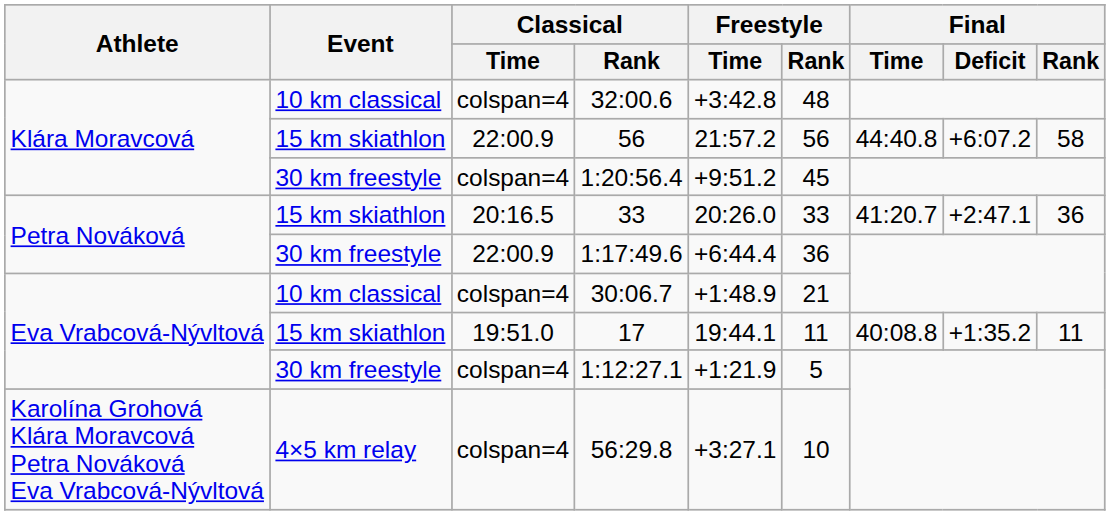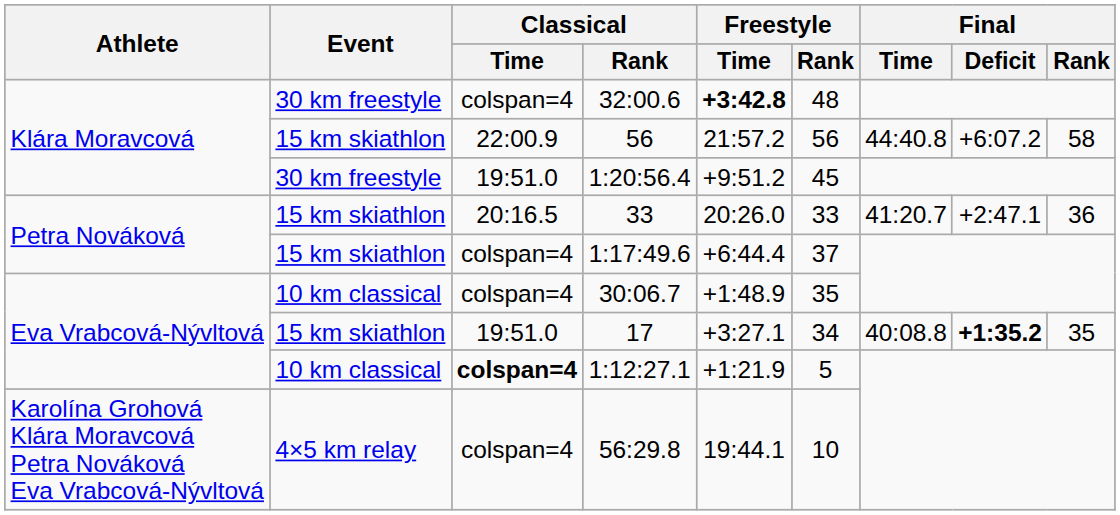 <table class="wikitable" style="font-size:90%">
 <tr>
 <th rowspan=2>Athlete</th>
 <th rowspan=2>Event</th>
 <th colspan=2>Classical</th>
 <th colspan=2>Freestyle</th>
 <th colspan=3>Final</th>
 </tr>
 <tr style="font-size: 95%">
 <th>Time</th>
 <th>Rank</th>
 <th>Time</th>
 <th>Rank</th>
 <th>Time</th>
 <th>Deficit</th>
 <th>Rank</th>
 </tr>
 <tr align=center>
 <td align=left rowspan=3><a href='#'>Klára Moravcová</a></td>
-<td align=left><a href='#'>10 km classical</a></td>
+<td align=left><a href='#'>30 km freestyle</a></td>
 <td>colspan=4 </td>
 <td>32:00.6</td>
-<td>+3:42.8</td>
+<td><strong>+3:42.8</strong></td>
 <td>48</td>
 </tr>
 <tr align=center>
 <td align=left><a href='#'>15 km skiathlon</a></td>
 <td>22:00.9</td>
 <td>56</td>
 <td>21:57.2</td>
 <td>56</td>
 <td>44:40.8</td>
 <td>+6:07.2</td>
 <td>58</td>
 </tr>
 <tr align=center>
 <td align=left><a href='#'>30 km freestyle</a></td>
-<td>colspan=4 </td>
+<td>19:51.0</td>
 <td>1:20:56.4</td>
 <td>+9:51.2</td>
 <td>45</td>
 </tr>
 <tr align=center>
 <td align=left rowspan=2><a href='#'>Petra Nováková</a></td>
 <td align=left><a href='#'>15 km skiathlon</a></td>
 <td>20:16.5</td>
 <td>33</td>
 <td>20:26.0</td>
 <td>33</td>
 <td>41:20.7</td>
 <td>+2:47.1</td>
 <td>36</td>
 </tr>
 <tr align=center>
-<td align=left><a href='#'>30 km freestyle</a></td>
-<td>22:00.9</td>
+<td align=left><a href='#'>15 km skiathlon</a></td>
+<td>colspan=4 </td>
 <td>1:17:49.6</td>
 <td>+6:44.4</td>
-<td>36</td>
+<td>37</td>
 </tr>
 <tr align=center>
 <td align=left rowspan=3><a href='#'>Eva Vrabcová-Nývltová</a></td>
 <td align=left><a href='#'>10 km classical</a></td>
 <td>colspan=4 </td>
 <td>30:06.7</td>
 <td>+1:48.9</td>
-<td>21</td>
+<td>35</td>
 </tr>
 <tr align=center>
 <td align=left><a href='#'>15 km skiathlon</a></td>
 <td>19:51.0</td>
 <td>17</td>
-<td>19:44.1</td>
-<td>11</td>
+<td>+3:27.1</td>
+<td>34</td>
 <td>40:08.8</td>
-<td>+1:35.2</td>
-<td>11</td>
+<td><strong>+1:35.2</strong></td>
+<td>35</td>
 </tr>
 <tr align=center>
-<td align=left><a href='#'>30 km freestyle</a></td>
-<td>colspan=4 </td>
+<td align=left><a href='#'>10 km classical</a></td>
+<td><strong>colspan=4 </strong></td>
 <td>1:12:27.1</td>
 <td>+1:21.9</td>
 <td>5</td>
 </tr>
 <tr align=center>
 <td align=left><a href='#'>Karolína Grohová</a><br><a href='#'>Klára Moravcová</a><br><a href='#'>Petra Nováková</a><br><a href='#'>Eva Vrabcová-Nývltová</a></td>
 <td align=left><a href='#'>4×5 km relay</a></td>
 <td>colspan=4 </td>
 <td>56:29.8</td>
-<td>+3:27.1</td>
+<td>19:44.1</td>
 <td>10</td>
 </tr>
 </table>
